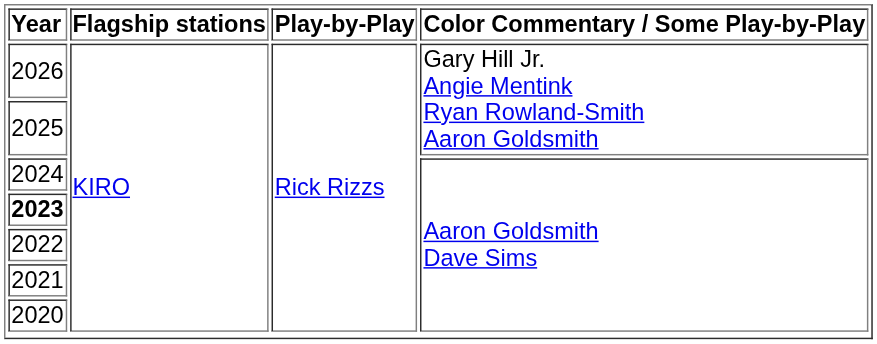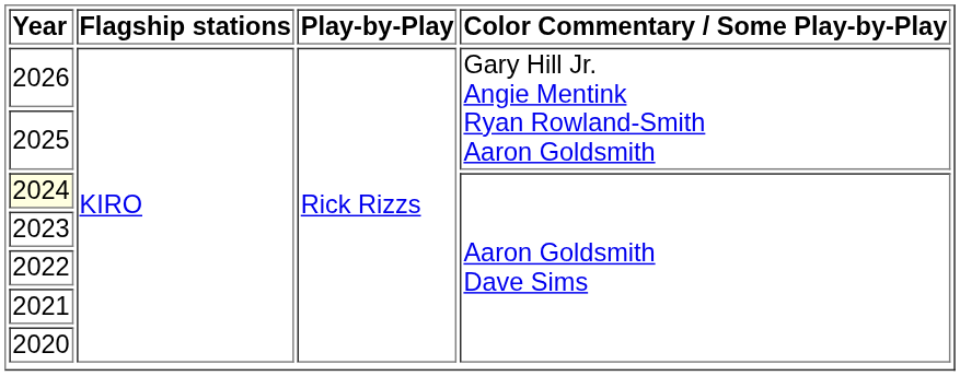 <table border="1" cellpadding="1">
 <tr>
 <td><strong>Year</strong></td>
 <td><strong>Flagship stations</strong></td>
 <td><strong>Play-by-Play</strong></td>
 <td><strong>Color Commentary / Some Play-by-Play</strong></td>
 </tr>
 <tr>
 <td>2026</td>
 <td rowspan="7"><a href='#'>KIRO</a></td>
 <td rowspan="7"><a href='#'>Rick Rizzs</a></td>
 <td rowspan="2">Gary Hill Jr.<br><a href='#'>Angie Mentink</a><br><a href='#'>Ryan Rowland-Smith</a><br><a href='#'>Aaron Goldsmith</a></td>
 </tr>
 <tr>
 <td>2025</td>
 </tr>
 <tr>
-<td>2024</td>
+<td style="background: lightyellow;">2024</td>
 <td rowspan="5"><a href='#'>Aaron Goldsmith</a> <br> <a href='#'>Dave Sims</a></td>
 </tr>
 <tr>
-<td><strong>2023</strong></td>
+<td>2023</td>
 </tr>
 <tr>
 <td>2022</td>
 </tr>
 <tr>
 <td>2021</td>
 </tr>
 <tr>
 <td>2020</td>
 </tr>
 <tr>
 </tr>
 </table>
